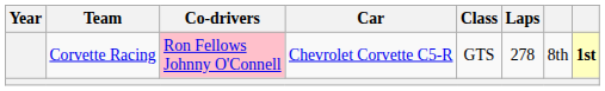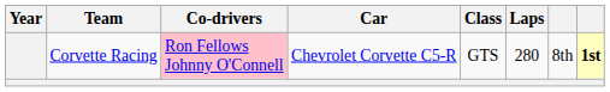 <table class="wikitable" style="text-align:center; font-size:90%">
 <tr>
 <th>Year</th>
 <th>Team</th>
 <th>Co-drivers</th>
 <th>Car</th>
 <th>Class</th>
 <th>Laps</th>
 <th></th>
 <th></th>
 </tr>
 <tr>
 <th></th>
 <td align="left"> <a href='#'>Corvette Racing</a></td>
 <td align="left" style="background: pink;"> <a href='#'>Ron Fellows</a><br> <a href='#'>Johnny O'Connell</a></td>
 <td align="left"><a href='#'>Chevrolet Corvette C5-R</a></td>
 <td>GTS</td>
-<td>278</td>
+<td>280</td>
 <td>8th</td>
 <td style="background:#FFFFBF;"><strong>1st</strong></td>
 </tr>
 <tr>
 <th colspan="8"></th>
 </tr>
 </table>
